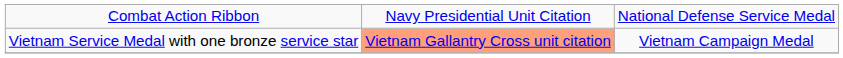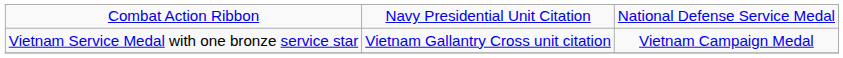 <table class="wikitable" style="margin:1em auto; text-align:center;">
 <tr>
 <td><a href='#'>Combat Action Ribbon</a></td>
 <td><a href='#'>Navy Presidential Unit Citation</a></td>
 <td><a href='#'>National Defense Service Medal</a></td>
 </tr>
 <tr>
 <td><a href='#'>Vietnam Service Medal</a> with one bronze <a href='#'>service star</a></td>
-<td style="background: lightsalmon;"><a href='#'>Vietnam Gallantry Cross unit citation</a></td>
+<td><a href='#'>Vietnam Gallantry Cross unit citation</a></td>
 <td><a href='#'>Vietnam Campaign Medal</a></td>
 </tr>
 <tr>
 </tr>
 </table>
